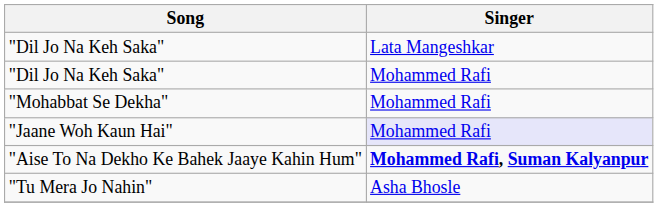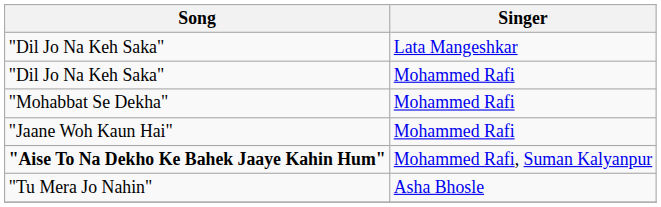 <table class="wikitable">
 <tr>
 <th>Song</th>
 <th>Singer</th>
 </tr>
 <tr>
 <td>"Dil Jo Na Keh Saka"</td>
 <td><a href='#'>Lata Mangeshkar</a></td>
 </tr>
 <tr>
 <td>"Dil Jo Na Keh Saka"</td>
 <td><a href='#'>Mohammed Rafi</a></td>
 </tr>
 <tr>
 <td>"Mohabbat Se Dekha"</td>
 <td><a href='#'>Mohammed Rafi</a></td>
 </tr>
 <tr>
 <td>"Jaane Woh Kaun Hai"</td>
-<td style="background: lavender;"><a href='#'>Mohammed Rafi</a></td>
+<td><a href='#'>Mohammed Rafi</a></td>
 </tr>
 <tr>
-<td>"Aise To Na Dekho Ke Bahek Jaaye Kahin Hum"</td>
-<td><strong><a href='#'>Mohammed Rafi</a>, <a href='#'>Suman Kalyanpur</a></strong></td>
+<td><strong>"Aise To Na Dekho Ke Bahek Jaaye Kahin Hum"</strong></td>
+<td><a href='#'>Mohammed Rafi</a>, <a href='#'>Suman Kalyanpur</a></td>
 </tr>
 <tr>
 <td>"Tu Mera Jo Nahin"</td>
 <td><a href='#'>Asha Bhosle</a></td>
 </tr>
 <tr>
 </tr>
 </table>
